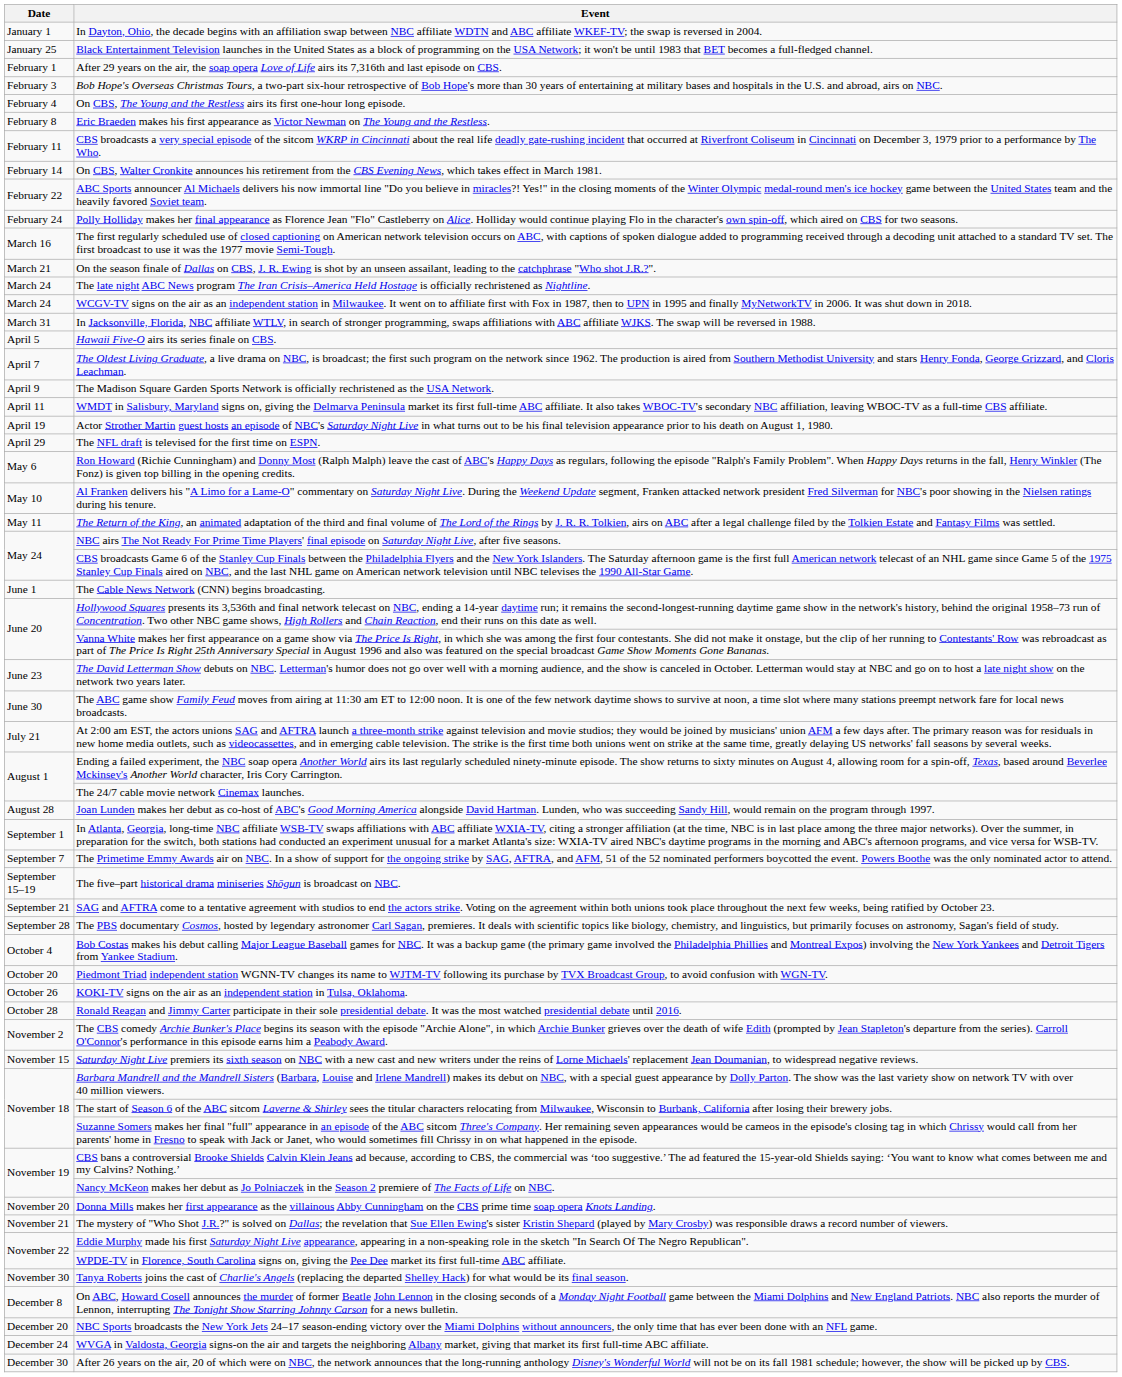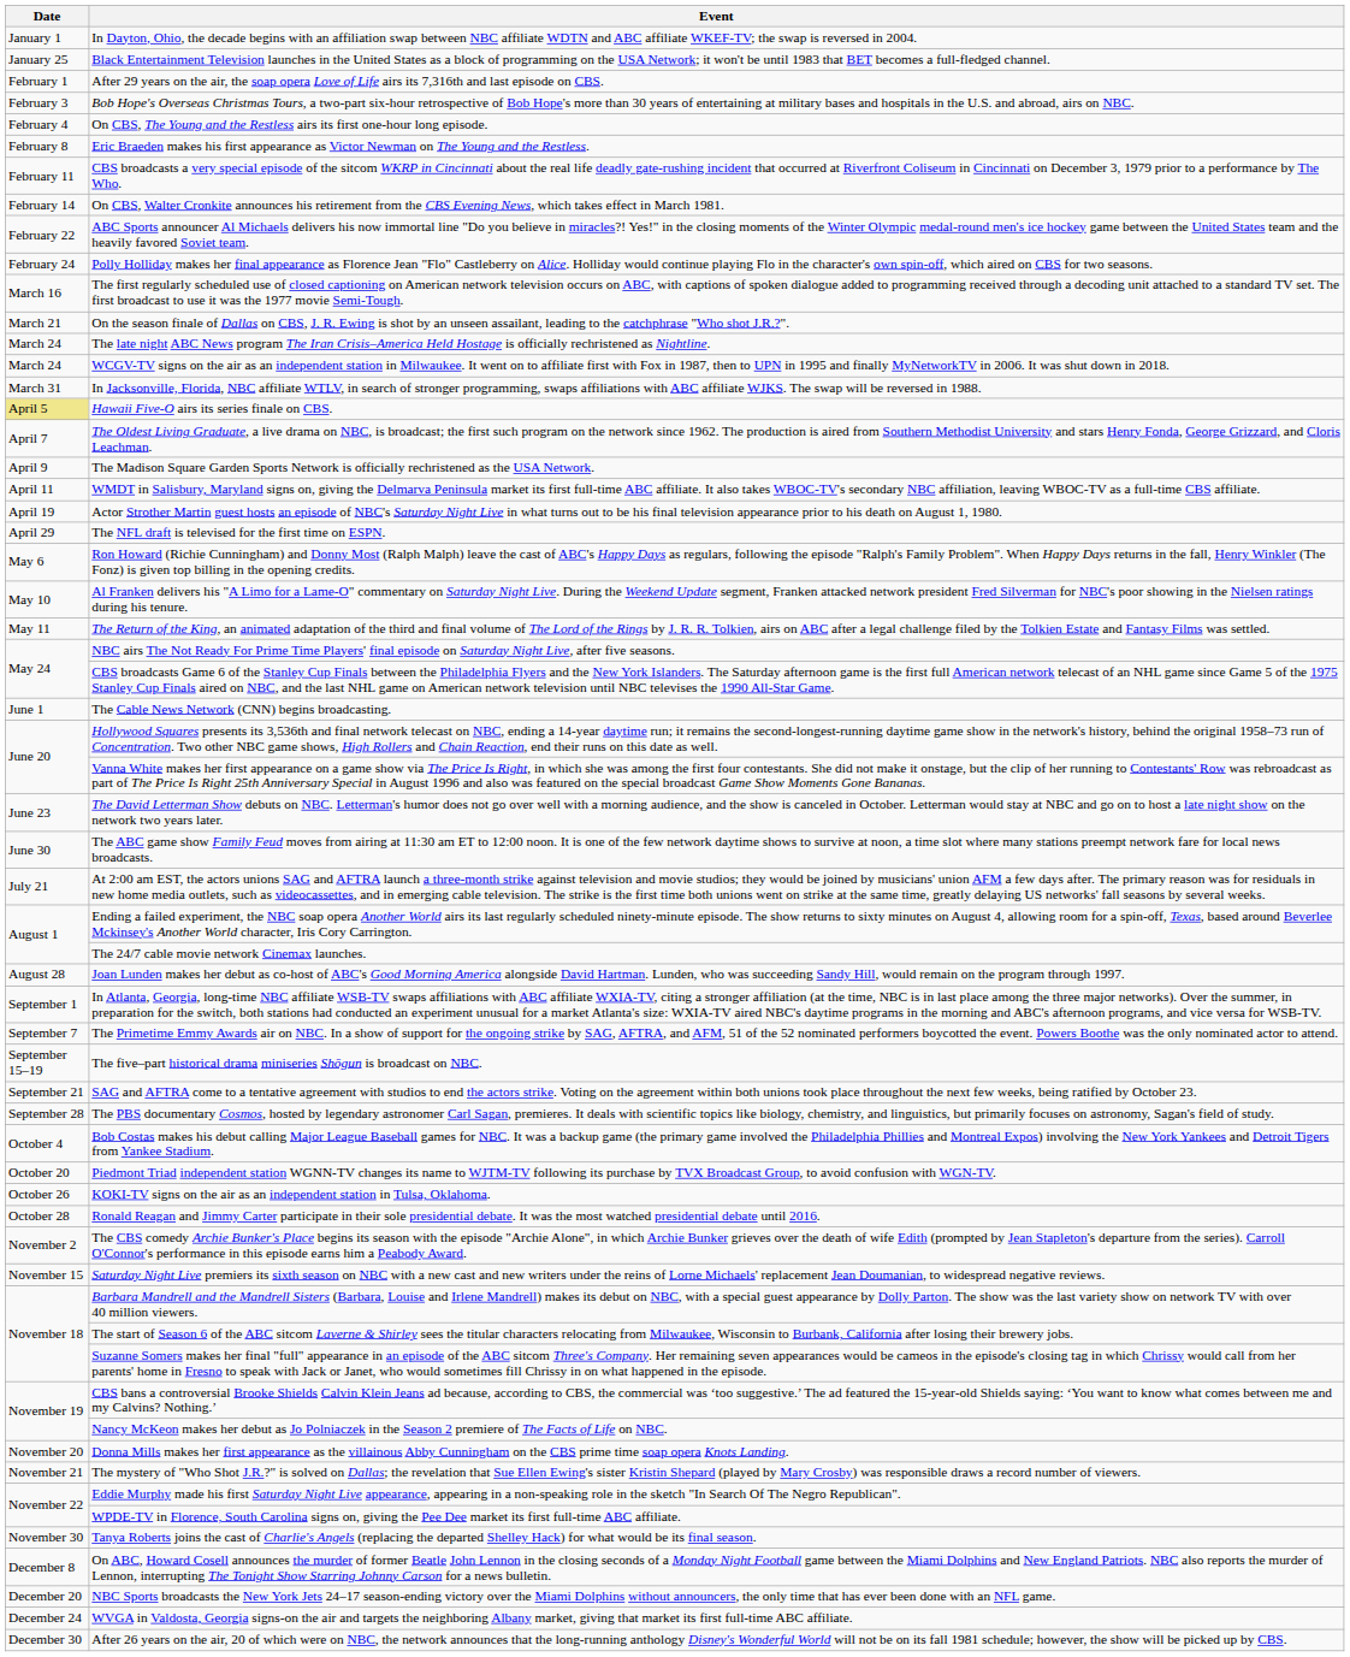 <table class="wikitable">
 <tr>
 <th>Date</th>
 <th>Event</th>
 </tr>
 <tr>
 <td>January 1</td>
 <td>In <a href='#'>Dayton, Ohio</a>, the decade begins with an affiliation swap between <a href='#'>NBC</a> affiliate <a href='#'>WDTN</a> and <a href='#'>ABC</a> affiliate <a href='#'>WKEF-TV</a>; the swap is reversed in 2004.</td>
 </tr>
 <tr>
 <td>January 25</td>
 <td><a href='#'>Black Entertainment Television</a> launches in the United States as a block of programming on the <a href='#'>USA Network</a>; it won't be until 1983 that <a href='#'>BET</a> becomes a full-fledged channel.</td>
 </tr>
 <tr>
 <td>February 1</td>
 <td>After 29 years on the air, the <a href='#'>soap opera</a> <em><a href='#'>Love of Life</a></em> airs its 7,316th and last episode on <a href='#'>CBS</a>.</td>
 </tr>
 <tr>
 <td>February 3</td>
 <td><em>Bob Hope's Overseas Christmas Tours</em>, a two-part six-hour retrospective of <a href='#'>Bob Hope</a>'s more than 30 years of entertaining at military bases and hospitals in the U.S. and abroad, airs on <a href='#'>NBC</a>.</td>
 </tr>
 <tr>
 <td>February 4</td>
 <td>On <a href='#'>CBS</a>, <em><a href='#'>The Young and the Restless</a></em> airs its first one-hour long episode.</td>
 </tr>
 <tr>
 <td>February 8</td>
 <td><a href='#'>Eric Braeden</a> makes his first appearance as <a href='#'>Victor Newman</a> on <em><a href='#'>The Young and the Restless</a></em>.</td>
 </tr>
 <tr>
 <td>February 11</td>
 <td><a href='#'>CBS</a> broadcasts a <a href='#'>very special episode</a> of the sitcom <em><a href='#'>WKRP in Cincinnati</a></em> about the real life <a href='#'>deadly gate-rushing incident</a> that occurred at <a href='#'>Riverfront Coliseum</a> in <a href='#'>Cincinnati</a> on December 3, 1979 prior to a performance by <a href='#'>The Who</a>.</td>
 </tr>
 <tr>
 <td>February 14</td>
 <td>On <a href='#'>CBS</a>, <a href='#'>Walter Cronkite</a> announces his retirement from the <em><a href='#'>CBS Evening News</a></em>, which takes effect in March 1981.</td>
 </tr>
 <tr>
 <td>February 22</td>
 <td><a href='#'>ABC Sports</a> announcer <a href='#'>Al Michaels</a> delivers his now immortal line "Do you believe in <a href='#'>miracles</a>?! Yes!" in the closing moments of the <a href='#'>Winter Olympic</a> <a href='#'>medal-round men's ice hockey</a> game between the <a href='#'>United States</a> team and the heavily favored <a href='#'>Soviet team</a>.</td>
 </tr>
 <tr>
 <td>February 24</td>
 <td><a href='#'>Polly Holliday</a> makes her <a href='#'>final appearance</a> as Florence Jean "Flo" Castleberry on <em><a href='#'>Alice</a></em>. Holliday would continue playing Flo in the character's <a href='#'>own spin-off</a>, which aired on <a href='#'>CBS</a> for two seasons.</td>
 </tr>
 <tr>
 <td>March 16</td>
 <td>The first regularly scheduled use of <a href='#'>closed captioning</a> on American network television occurs on <a href='#'>ABC</a>, with captions of spoken dialogue added to programming received through a decoding unit attached to a standard TV set. The first broadcast to use it was the 1977 movie <a href='#'>Semi-Tough</a>.</td>
 </tr>
 <tr>
 <td>March 21</td>
 <td>On the season finale of <em><a href='#'>Dallas</a></em> on <a href='#'>CBS</a>, <a href='#'>J. R. Ewing</a> is shot by an unseen assailant, leading to the <a href='#'>catchphrase</a> "<a href='#'>Who shot J.R.?</a>".</td>
 </tr>
 <tr>
 <td>March 24</td>
 <td>The <a href='#'>late night</a> <a href='#'>ABC News</a> program <em><a href='#'>The Iran Crisis–America Held Hostage</a></em> is officially rechristened as <em><a href='#'>Nightline</a></em>.</td>
 </tr>
 <tr>
 <td>March 24</td>
 <td><a href='#'>WCGV-TV</a> signs on the air as an <a href='#'>independent station</a> in <a href='#'>Milwaukee</a>. It went on to affiliate first with Fox in 1987, then to <a href='#'>UPN</a> in 1995 and finally <a href='#'>MyNetworkTV</a> in 2006. It was shut down in 2018.</td>
 </tr>
 <tr>
 <td>March 31</td>
 <td>In <a href='#'>Jacksonville, Florida</a>, <a href='#'>NBC</a> affiliate <a href='#'>WTLV</a>, in search of stronger programming, swaps affiliations with <a href='#'>ABC</a> affiliate <a href='#'>WJKS</a>. The swap will be reversed in 1988.</td>
 </tr>
 <tr>
-<td>April 5</td>
+<td style="background: khaki;">April 5</td>
 <td><em><a href='#'>Hawaii Five-O</a></em> airs its series finale on <a href='#'>CBS</a>.</td>
 </tr>
 <tr>
 <td>April 7</td>
 <td><em><a href='#'>The Oldest Living Graduate</a></em>, a live drama on <a href='#'>NBC</a>, is broadcast; the first such program on the network since 1962. The production is aired from <a href='#'>Southern Methodist University</a> and stars <a href='#'>Henry Fonda</a>, <a href='#'>George Grizzard</a>, and <a href='#'>Cloris Leachman</a>.</td>
 </tr>
 <tr>
 <td>April 9</td>
 <td>The Madison Square Garden Sports Network is officially rechristened as the <a href='#'>USA Network</a>.</td>
 </tr>
 <tr>
 <td>April 11</td>
 <td><a href='#'>WMDT</a> in <a href='#'>Salisbury, Maryland</a> signs on, giving the <a href='#'>Delmarva Peninsula</a> market its first full-time <a href='#'>ABC</a> affiliate. It also takes <a href='#'>WBOC-TV</a>'s secondary <a href='#'>NBC</a> affiliation, leaving WBOC-TV as a full-time <a href='#'>CBS</a> affiliate.</td>
 </tr>
 <tr>
 <td>April 19</td>
 <td>Actor <a href='#'>Strother Martin</a> <a href='#'>guest hosts</a> <a href='#'>an episode</a> of <a href='#'>NBC</a>'s <em><a href='#'>Saturday Night Live</a></em> in what turns out to be his final television appearance prior to his death on August 1, 1980.</td>
 </tr>
 <tr>
 <td>April 29</td>
 <td>The <a href='#'>NFL draft</a> is televised for the first time on <a href='#'>ESPN</a>.</td>
 </tr>
 <tr>
 <td>May 6</td>
 <td><a href='#'>Ron Howard</a> (Richie Cunningham) and <a href='#'>Donny Most</a> (Ralph Malph) leave the cast of <a href='#'>ABC</a>'s <em><a href='#'>Happy Days</a></em> as regulars, following the episode "Ralph's Family Problem". When <em>Happy Days</em> returns in the fall, <a href='#'>Henry Winkler</a> (The Fonz) is given top billing in the opening credits.</td>
 </tr>
 <tr>
 <td>May 10</td>
 <td><a href='#'>Al Franken</a> delivers his "<a href='#'>A Limo for a Lame-O</a>" commentary on <em><a href='#'>Saturday Night Live</a></em>. During the <em><a href='#'>Weekend Update</a></em> segment, Franken attacked network president <a href='#'>Fred Silverman</a> for <a href='#'>NBC</a>'s poor showing in the <a href='#'>Nielsen ratings</a> during his tenure.</td>
 </tr>
 <tr>
 <td>May 11</td>
 <td><em><a href='#'>The Return of the King</a></em>, an <a href='#'>animated</a> adaptation of the third and final volume of <em><a href='#'>The Lord of the Rings</a></em> by <a href='#'>J. R. R. Tolkien</a>, airs on <a href='#'>ABC</a> after a legal challenge filed by the <a href='#'>Tolkien Estate</a> and <a href='#'>Fantasy Films</a> was settled.</td>
 </tr>
 <tr>
 <td rowspan="2">May 24</td>
 <td><a href='#'>NBC</a> airs <a href='#'>The Not Ready For Prime Time Players</a>' <a href='#'>final episode</a> on <em><a href='#'>Saturday Night Live</a></em>, after five seasons.</td>
 </tr>
 <tr>
 <td><a href='#'>CBS</a> broadcasts Game 6 of the <a href='#'>Stanley Cup Finals</a> between the <a href='#'>Philadelphia Flyers</a> and the <a href='#'>New York Islanders</a>. The Saturday afternoon game is the first full <a href='#'>American network</a> telecast of an NHL game since Game 5 of the <a href='#'>1975 Stanley Cup Finals</a> aired on <a href='#'>NBC</a>, and the last NHL game on American network television until NBC televises the <a href='#'>1990 All-Star Game</a>.</td>
 </tr>
 <tr>
 <td>June 1</td>
 <td>The <a href='#'>Cable News Network</a> (CNN) begins broadcasting.</td>
 </tr>
 <tr>
 <td rowspan="2">June 20</td>
 <td><em><a href='#'>Hollywood Squares</a></em> presents its 3,536th and final network telecast on <a href='#'>NBC</a>, ending a 14-year <a href='#'>daytime</a> run; it remains the second-longest-running daytime game show in the network's history, behind the original 1958–73 run of <em><a href='#'>Concentration</a></em>. Two other NBC game shows, <em><a href='#'>High Rollers</a></em> and <em><a href='#'>Chain Reaction</a></em>, end their runs on this date as well.</td>
 </tr>
 <tr>
 <td><a href='#'>Vanna White</a> makes her first appearance on a game show via <em><a href='#'>The Price Is Right</a></em>, in which she was among the first four contestants. She did not make it onstage, but the clip of her running to <a href='#'>Contestants' Row</a> was rebroadcast as part of <em>The Price Is Right 25th Anniversary Special</em> in August 1996 and also was featured on the special broadcast <em>Game Show Moments Gone Bananas</em>.</td>
 </tr>
 <tr>
 <td>June 23</td>
 <td><em><a href='#'>The David Letterman Show</a></em> debuts on <a href='#'>NBC</a>. <a href='#'>Letterman</a>'s humor does not go over well with a morning audience, and the show is canceled in October. Letterman would stay at NBC and go on to host a <a href='#'>late night show</a> on the network two years later.</td>
 </tr>
 <tr>
 <td>June 30</td>
 <td>The <a href='#'>ABC</a> game show <em><a href='#'>Family Feud</a></em> moves from airing at 11:30 am ET to 12:00 noon. It is one of the few network daytime shows to survive at noon, a time slot where many stations preempt network fare for local news broadcasts.</td>
 </tr>
 <tr>
 <td>July 21</td>
 <td>At 2:00 am EST, the actors unions <a href='#'>SAG</a> and <a href='#'>AFTRA</a> launch <a href='#'>a three-month strike</a> against television and movie studios; they would be joined by musicians' union <a href='#'>AFM</a> a few days after. The primary reason was for residuals in new home media outlets, such as <a href='#'>videocassettes</a>, and in emerging cable television. The strike is the first time both unions went on strike at the same time, greatly delaying US networks' fall seasons by several weeks.</td>
 </tr>
 <tr>
 <td rowspan="2">August 1</td>
 <td>Ending a failed experiment, the <a href='#'>NBC</a> soap opera <em><a href='#'>Another World</a></em> airs its last regularly scheduled ninety-minute episode. The show returns to sixty minutes on August 4, allowing room for a spin-off, <em><a href='#'>Texas</a></em>, based around <a href='#'>Beverlee Mckinsey's</a> <em>Another World</em> character, Iris Cory Carrington.</td>
 </tr>
 <tr>
 <td>The 24/7 cable movie network <a href='#'>Cinemax</a> launches.</td>
 </tr>
 <tr>
 <td>August 28</td>
 <td><a href='#'>Joan Lunden</a> makes her debut as co-host of <a href='#'>ABC</a>'s <em><a href='#'>Good Morning America</a></em> alongside <a href='#'>David Hartman</a>. Lunden, who was succeeding <a href='#'>Sandy Hill</a>, would remain on the program through 1997.</td>
 </tr>
 <tr>
 <td>September 1</td>
 <td>In <a href='#'>Atlanta</a>, <a href='#'>Georgia</a>, long-time <a href='#'>NBC</a> affiliate <a href='#'>WSB-TV</a> swaps affiliations with <a href='#'>ABC</a> affiliate <a href='#'>WXIA-TV</a>, citing a stronger affiliation (at the time, NBC is in last place among the three major networks). Over the summer, in preparation for the switch, both stations had conducted an experiment unusual for a market Atlanta's size: WXIA-TV aired NBC's daytime programs in the morning and ABC's afternoon programs, and vice versa for WSB-TV.</td>
 </tr>
 <tr>
 <td>September 7</td>
 <td>The <a href='#'>Primetime Emmy Awards</a> air on <a href='#'>NBC</a>. In a show of support for <a href='#'>the ongoing strike</a> by <a href='#'>SAG</a>, <a href='#'>AFTRA</a>, and <a href='#'>AFM</a>, 51 of the 52 nominated performers boycotted the event. <a href='#'>Powers Boothe</a> was the only nominated actor to attend.</td>
 </tr>
 <tr>
 <td>September 15–19</td>
 <td>The five–part <a href='#'>historical drama</a> <a href='#'>miniseries</a> <em><a href='#'>Shōgun</a></em> is broadcast on <a href='#'>NBC</a>.</td>
 </tr>
 <tr>
 <td>September 21</td>
 <td><a href='#'>SAG</a> and <a href='#'>AFTRA</a> come to a tentative agreement with studios to end <a href='#'>the actors strike</a>. Voting on the agreement within both unions took place throughout the next few weeks, being ratified by October 23.</td>
 </tr>
 <tr>
 <td>September 28</td>
 <td>The <a href='#'>PBS</a> documentary <em><a href='#'>Cosmos</a></em>, hosted by legendary astronomer <a href='#'>Carl Sagan</a>, premieres. It deals with scientific topics like biology, chemistry, and linguistics, but primarily focuses on astronomy, Sagan's field of study.</td>
 </tr>
 <tr>
 <td>October 4</td>
 <td><a href='#'>Bob Costas</a> makes his debut calling <a href='#'>Major League Baseball</a> games for <a href='#'>NBC</a>. It was a backup game (the primary game involved the <a href='#'>Philadelphia Phillies</a> and <a href='#'>Montreal Expos</a>) involving the <a href='#'>New York Yankees</a> and <a href='#'>Detroit Tigers</a> from <a href='#'>Yankee Stadium</a>.</td>
 </tr>
 <tr>
 <td>October 20</td>
 <td><a href='#'>Piedmont Triad</a> <a href='#'>independent station</a> WGNN-TV changes its name to <a href='#'>WJTM-TV</a> following its purchase by <a href='#'>TVX Broadcast Group</a>, to avoid confusion with <a href='#'>WGN-TV</a>.</td>
 </tr>
 <tr>
 <td>October 26</td>
 <td><a href='#'>KOKI-TV</a> signs on the air as an <a href='#'>independent station</a> in <a href='#'>Tulsa, Oklahoma</a>.</td>
 </tr>
 <tr>
 <td>October 28</td>
 <td><a href='#'>Ronald Reagan</a> and <a href='#'>Jimmy Carter</a> participate in their sole <a href='#'>presidential debate</a>. It was the most watched <a href='#'>presidential debate</a> until <a href='#'>2016</a>.</td>
 </tr>
 <tr>
 <td>November 2</td>
 <td>The <a href='#'>CBS</a> comedy <em><a href='#'>Archie Bunker's Place</a></em> begins its season with the episode "Archie Alone", in which <a href='#'>Archie Bunker</a> grieves over the death of wife <a href='#'>Edith</a> (prompted by <a href='#'>Jean Stapleton</a>'s departure from the series). <a href='#'>Carroll O'Connor</a>'s performance in this episode earns him a <a href='#'>Peabody Award</a>.</td>
 </tr>
 <tr>
 <td>November 15</td>
 <td><em><a href='#'>Saturday Night Live</a></em> premiers its <a href='#'>sixth season</a> on <a href='#'>NBC</a> with a new cast and new writers under the reins of <a href='#'>Lorne Michaels</a>' replacement <a href='#'>Jean Doumanian</a>, to widespread negative reviews.</td>
 </tr>
 <tr>
 <td rowspan="3">November 18</td>
 <td><em><a href='#'>Barbara Mandrell and the Mandrell Sisters</a></em> (<a href='#'>Barbara</a>, <a href='#'>Louise</a> and <a href='#'>Irlene Mandrell</a>) makes its debut on <a href='#'>NBC</a>, with a special guest appearance by <a href='#'>Dolly Parton</a>. The show was the last variety show on network TV with over 40 million viewers.</td>
 </tr>
 <tr>
 <td>The start of <a href='#'>Season 6</a> of the <a href='#'>ABC</a> sitcom <em><a href='#'>Laverne & Shirley</a></em> sees the titular characters relocating from <a href='#'>Milwaukee</a>, Wisconsin to <a href='#'>Burbank, California</a> after losing their brewery jobs.</td>
 </tr>
 <tr>
 <td><a href='#'>Suzanne Somers</a> makes her final "full" appearance in <a href='#'>an episode</a> of the <a href='#'>ABC</a> sitcom <em><a href='#'>Three's Company</a></em>. Her remaining seven appearances would be cameos in the episode's closing tag in which <a href='#'>Chrissy</a> would call from her parents' home in <a href='#'>Fresno</a> to speak with Jack or Janet, who would sometimes fill Chrissy in on what happened in the episode.</td>
 </tr>
 <tr>
 <td rowspan="2">November 19</td>
 <td><a href='#'>CBS</a> bans a controversial <a href='#'>Brooke Shields</a> <a href='#'>Calvin Klein Jeans</a> ad because, according to CBS, the commercial was ‘too suggestive.’ The ad featured the 15-year-old Shields saying: ‘You want to know what comes between me and my Calvins? Nothing.’</td>
 </tr>
 <tr>
 <td><a href='#'>Nancy McKeon</a> makes her debut as <a href='#'>Jo Polniaczek</a> in the <a href='#'>Season 2</a> premiere of <em><a href='#'>The Facts of Life</a></em> on <a href='#'>NBC</a>.</td>
 </tr>
 <tr>
 <td>November 20</td>
 <td><a href='#'>Donna Mills</a> makes her <a href='#'>first appearance</a> as the <a href='#'>villainous</a> <a href='#'>Abby Cunningham</a> on the <a href='#'>CBS</a> prime time <a href='#'>soap opera</a> <em><a href='#'>Knots Landing</a></em>.</td>
 </tr>
 <tr>
 <td>November 21</td>
 <td>The mystery of "Who Shot <a href='#'>J.R.</a>?" is solved on <em><a href='#'>Dallas</a></em>; the revelation that <a href='#'>Sue Ellen Ewing</a>'s sister <a href='#'>Kristin Shepard</a> (played by <a href='#'>Mary Crosby</a>) was responsible draws a record number of viewers.</td>
 </tr>
 <tr>
 <td rowspan="2">November 22</td>
 <td><a href='#'>Eddie Murphy</a> made his first <em><a href='#'>Saturday Night Live</a></em> <a href='#'>appearance</a>, appearing in a non-speaking role in the sketch "In Search Of The Negro Republican".</td>
 </tr>
 <tr>
 <td><a href='#'>WPDE-TV</a> in <a href='#'>Florence, South Carolina</a> signs on, giving the <a href='#'>Pee Dee</a> market its first full-time <a href='#'>ABC</a> affiliate.</td>
 </tr>
 <tr>
 <td>November 30</td>
 <td><a href='#'>Tanya Roberts</a> joins the cast of <em><a href='#'>Charlie's Angels</a></em> (replacing the departed <a href='#'>Shelley Hack</a>) for what would be its <a href='#'>final season</a>.</td>
 </tr>
 <tr>
 <td>December 8</td>
 <td>On <a href='#'>ABC</a>, <a href='#'>Howard Cosell</a> announces <a href='#'>the murder</a> of former <a href='#'>Beatle</a> <a href='#'>John Lennon</a> in the closing seconds of a <em><a href='#'>Monday Night Football</a></em> game between the <a href='#'>Miami Dolphins</a> and <a href='#'>New England Patriots</a>. <a href='#'>NBC</a> also reports the murder of Lennon, interrupting <em><a href='#'>The Tonight Show Starring Johnny Carson</a></em> for a news bulletin.</td>
 </tr>
 <tr>
 <td>December 20</td>
 <td><a href='#'>NBC Sports</a> broadcasts the <a href='#'>New York Jets</a> 24–17 season-ending victory over the <a href='#'>Miami Dolphins</a> <a href='#'>without announcers</a>, the only time that has ever been done with an <a href='#'>NFL</a> game.</td>
 </tr>
 <tr>
 <td>December 24</td>
 <td><a href='#'>WVGA</a> in <a href='#'>Valdosta, Georgia</a> signs-on the air and targets the neighboring <a href='#'>Albany</a> market, giving that market its first full-time ABC affiliate.</td>
 </tr>
 <tr>
 <td>December 30</td>
 <td>After 26 years on the air, 20 of which were on <a href='#'>NBC</a>, the network announces that the long-running anthology <em><a href='#'>Disney's Wonderful World</a></em> will not be on its fall 1981 schedule; however, the show will be picked up by <a href='#'>CBS</a>.</td>
 </tr>
 </table>
